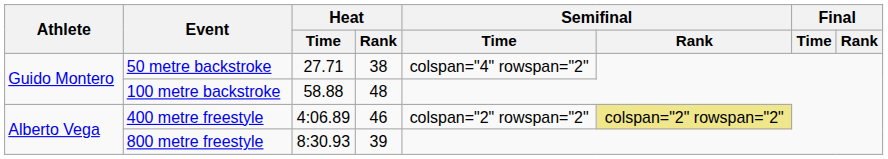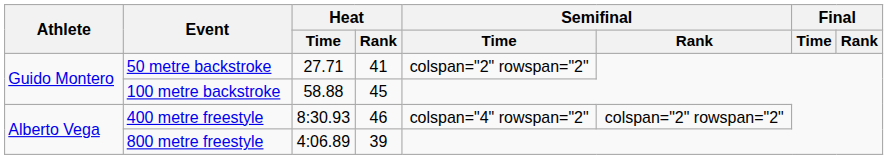 <table class="wikitable" style="text-align:center; font-size:90%; width:50%;">
 <tr>
 <th rowspan="2">Athlete</th>
 <th rowspan="2">Event</th>
 <th colspan="2">Heat</th>
 <th colspan="2">Semifinal</th>
 <th colspan="2">Final</th>
 </tr>
 <tr style="font-size:95%">
 <th>Time</th>
 <th>Rank</th>
 <th>Time</th>
 <th>Rank</th>
 <th>Time</th>
 <th>Rank</th>
 </tr>
 <tr align=center>
 <td align=left rowspan="2"><a href='#'>Guido Montero</a></td>
 <td align=left><a href='#'>50 metre backstroke</a></td>
 <td>27.71</td>
-<td>38</td>
-<td>colspan="4" rowspan="2" </td>
+<td>41</td>
+<td>colspan="2" rowspan="2" </td>
 </tr>
 <tr align=center>
 <td align=left><a href='#'>100 metre backstroke</a></td>
 <td>58.88</td>
-<td>48</td>
+<td>45</td>
 </tr>
 <tr align=center>
 <td align=left rowspan="2"><a href='#'>Alberto Vega</a></td>
 <td align=left><a href='#'>400 metre freestyle</a></td>
-<td>4:06.89</td>
+<td>8:30.93</td>
 <td>46</td>
+<td>colspan="4" rowspan="2" </td>
 <td>colspan="2" rowspan="2" </td>
-<td style="background: khaki;">colspan="2" rowspan="2" </td>
 </tr>
 <tr align=center>
 <td align=left><a href='#'>800 metre freestyle</a></td>
-<td>8:30.93</td>
+<td>4:06.89</td>
 <td>39</td>
 </tr>
 </table>
